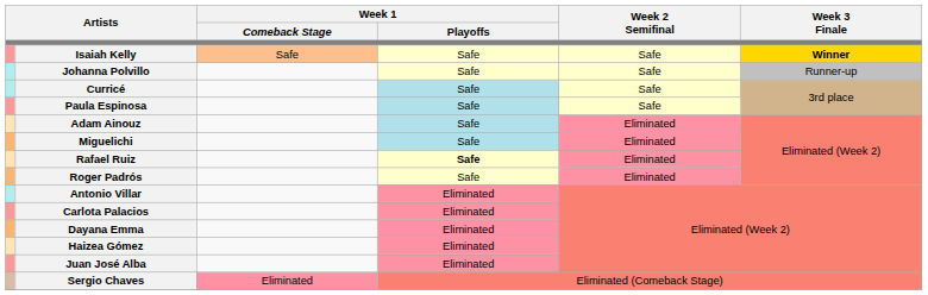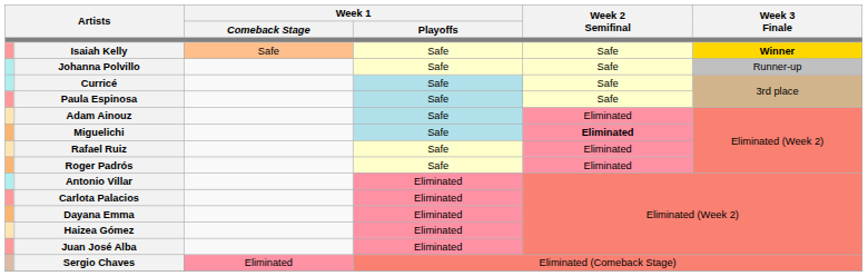 <table class="wikitable" style="text-align:center; font-size:95%; width:100%">
 <tr>
 <th rowspan="2" colspan="2">Artists</th>
 <th colspan="2" style="width:36%">Week 1</th>
 <th rowspan="2" style="width:18%">Week 2<br>Semifinal</th>
 <th rowspan="2" style="width:18%">Week 3<br>Finale</th>
 </tr>
 <tr>
 <th style="width:18%"><em>Comeback Stage</em></th>
 <th style="width:18%">Playoffs</th>
 </tr>
 <tr>
 <th colspan="6" style="background:gray"></th>
 </tr>
 <tr>
 <th style="background:#ff9999"></th>
 <th>Isaiah Kelly</th>
 <td bgcolor="#ffbf8c">Safe</td>
 <td bgcolor="#FFFFCC">Safe</td>
 <td bgcolor="#FFFFCC">Safe</td>
 <td bgcolor="gold"><strong>Winner</strong></td>
 </tr>
 <tr>
 <th style="background:#afeeee"></th>
 <th>Johanna Polvillo</th>
 <td></td>
 <td bgcolor="#FFFFCC">Safe</td>
 <td bgcolor="#FFFFCC">Safe</td>
 <td bgcolor="silver">Runner-up</td>
 </tr>
 <tr>
 <th style="background:#afeeee"></th>
 <th>Curricé</th>
 <td></td>
 <td bgcolor="#b0e0e9">Safe</td>
 <td bgcolor="#FFFFCC">Safe</td>
 <td bgcolor="tan" rowspan="2">3rd place</td>
 </tr>
 <tr>
 <th style="background:#ff9999"></th>
 <th>Paula Espinosa</th>
 <td></td>
 <td bgcolor="#b0e0e9">Safe</td>
 <td bgcolor="#FFFFCC">Safe</td>
 </tr>
 <tr>
 <th style="background:#ffe5b4; width:1%"></th>
 <th style="width:18%">Adam Ainouz</th>
 <td></td>
 <td bgcolor="#b0e0e9">Safe</td>
 <td bgcolor="#FF91A4">Eliminated</td>
 <td bgcolor="salmon" colspan="3" rowspan="4">Eliminated (Week 2)</td>
 </tr>
 <tr>
 <th style="background:#fbb56e"></th>
 <th>Miguelichi</th>
 <td></td>
 <td bgcolor="#b0e0e9">Safe</td>
-<td bgcolor="#FF91A4">Eliminated</td>
+<td bgcolor="#FF91A4"><strong>Eliminated</strong></td>
 </tr>
 <tr>
 <th style="background:#ffe5b4"></th>
 <th>Rafael Ruiz</th>
 <td></td>
-<td bgcolor="#FFFFCC"><strong>Safe</strong></td>
+<td bgcolor="#FFFFCC">Safe</td>
 <td bgcolor="#FF91A4">Eliminated</td>
 </tr>
 <tr>
 <th style="background:#fbb56e"></th>
 <th>Roger Padrós</th>
 <td></td>
 <td bgcolor="#FFFFCC">Safe</td>
 <td bgcolor="#FF91A4">Eliminated</td>
 </tr>
 <tr>
 <th style="background:#afeeee"></th>
 <th>Antonio Villar</th>
 <td></td>
 <td bgcolor="#FF91A4">Eliminated</td>
 <td bgcolor="salmon" colspan="3" rowspan="5">Eliminated (Week 2)</td>
 </tr>
 <tr>
 <td style="background:#ff9999"></td>
 <th>Carlota Palacios</th>
 <td></td>
 <td bgcolor="#FF91A4">Eliminated</td>
 </tr>
 <tr>
 <th style="background:#fbb56e"></th>
 <th>Dayana Emma</th>
 <td></td>
 <td bgcolor="#FF91A4">Eliminated</td>
 </tr>
 <tr>
 <th style="background:#ffe5b4"></th>
 <th>Haizea Gómez</th>
 <td></td>
 <td bgcolor="#FF91A4">Eliminated</td>
 </tr>
 <tr>
 <th style="background:#ff9999"></th>
 <th>Juan José Alba</th>
 <td></td>
 <td bgcolor="#FF91A4">Eliminated</td>
 </tr>
 <tr>
 <th style="background:#dbbba4"></th>
 <th>Sergio Chaves</th>
 <td bgcolor="#FF91A4">Eliminated</td>
 <td bgcolor="salmon" colspan="3">Eliminated (Comeback Stage)</td>
 </tr>
 <tr>
 </tr>
 </table>
